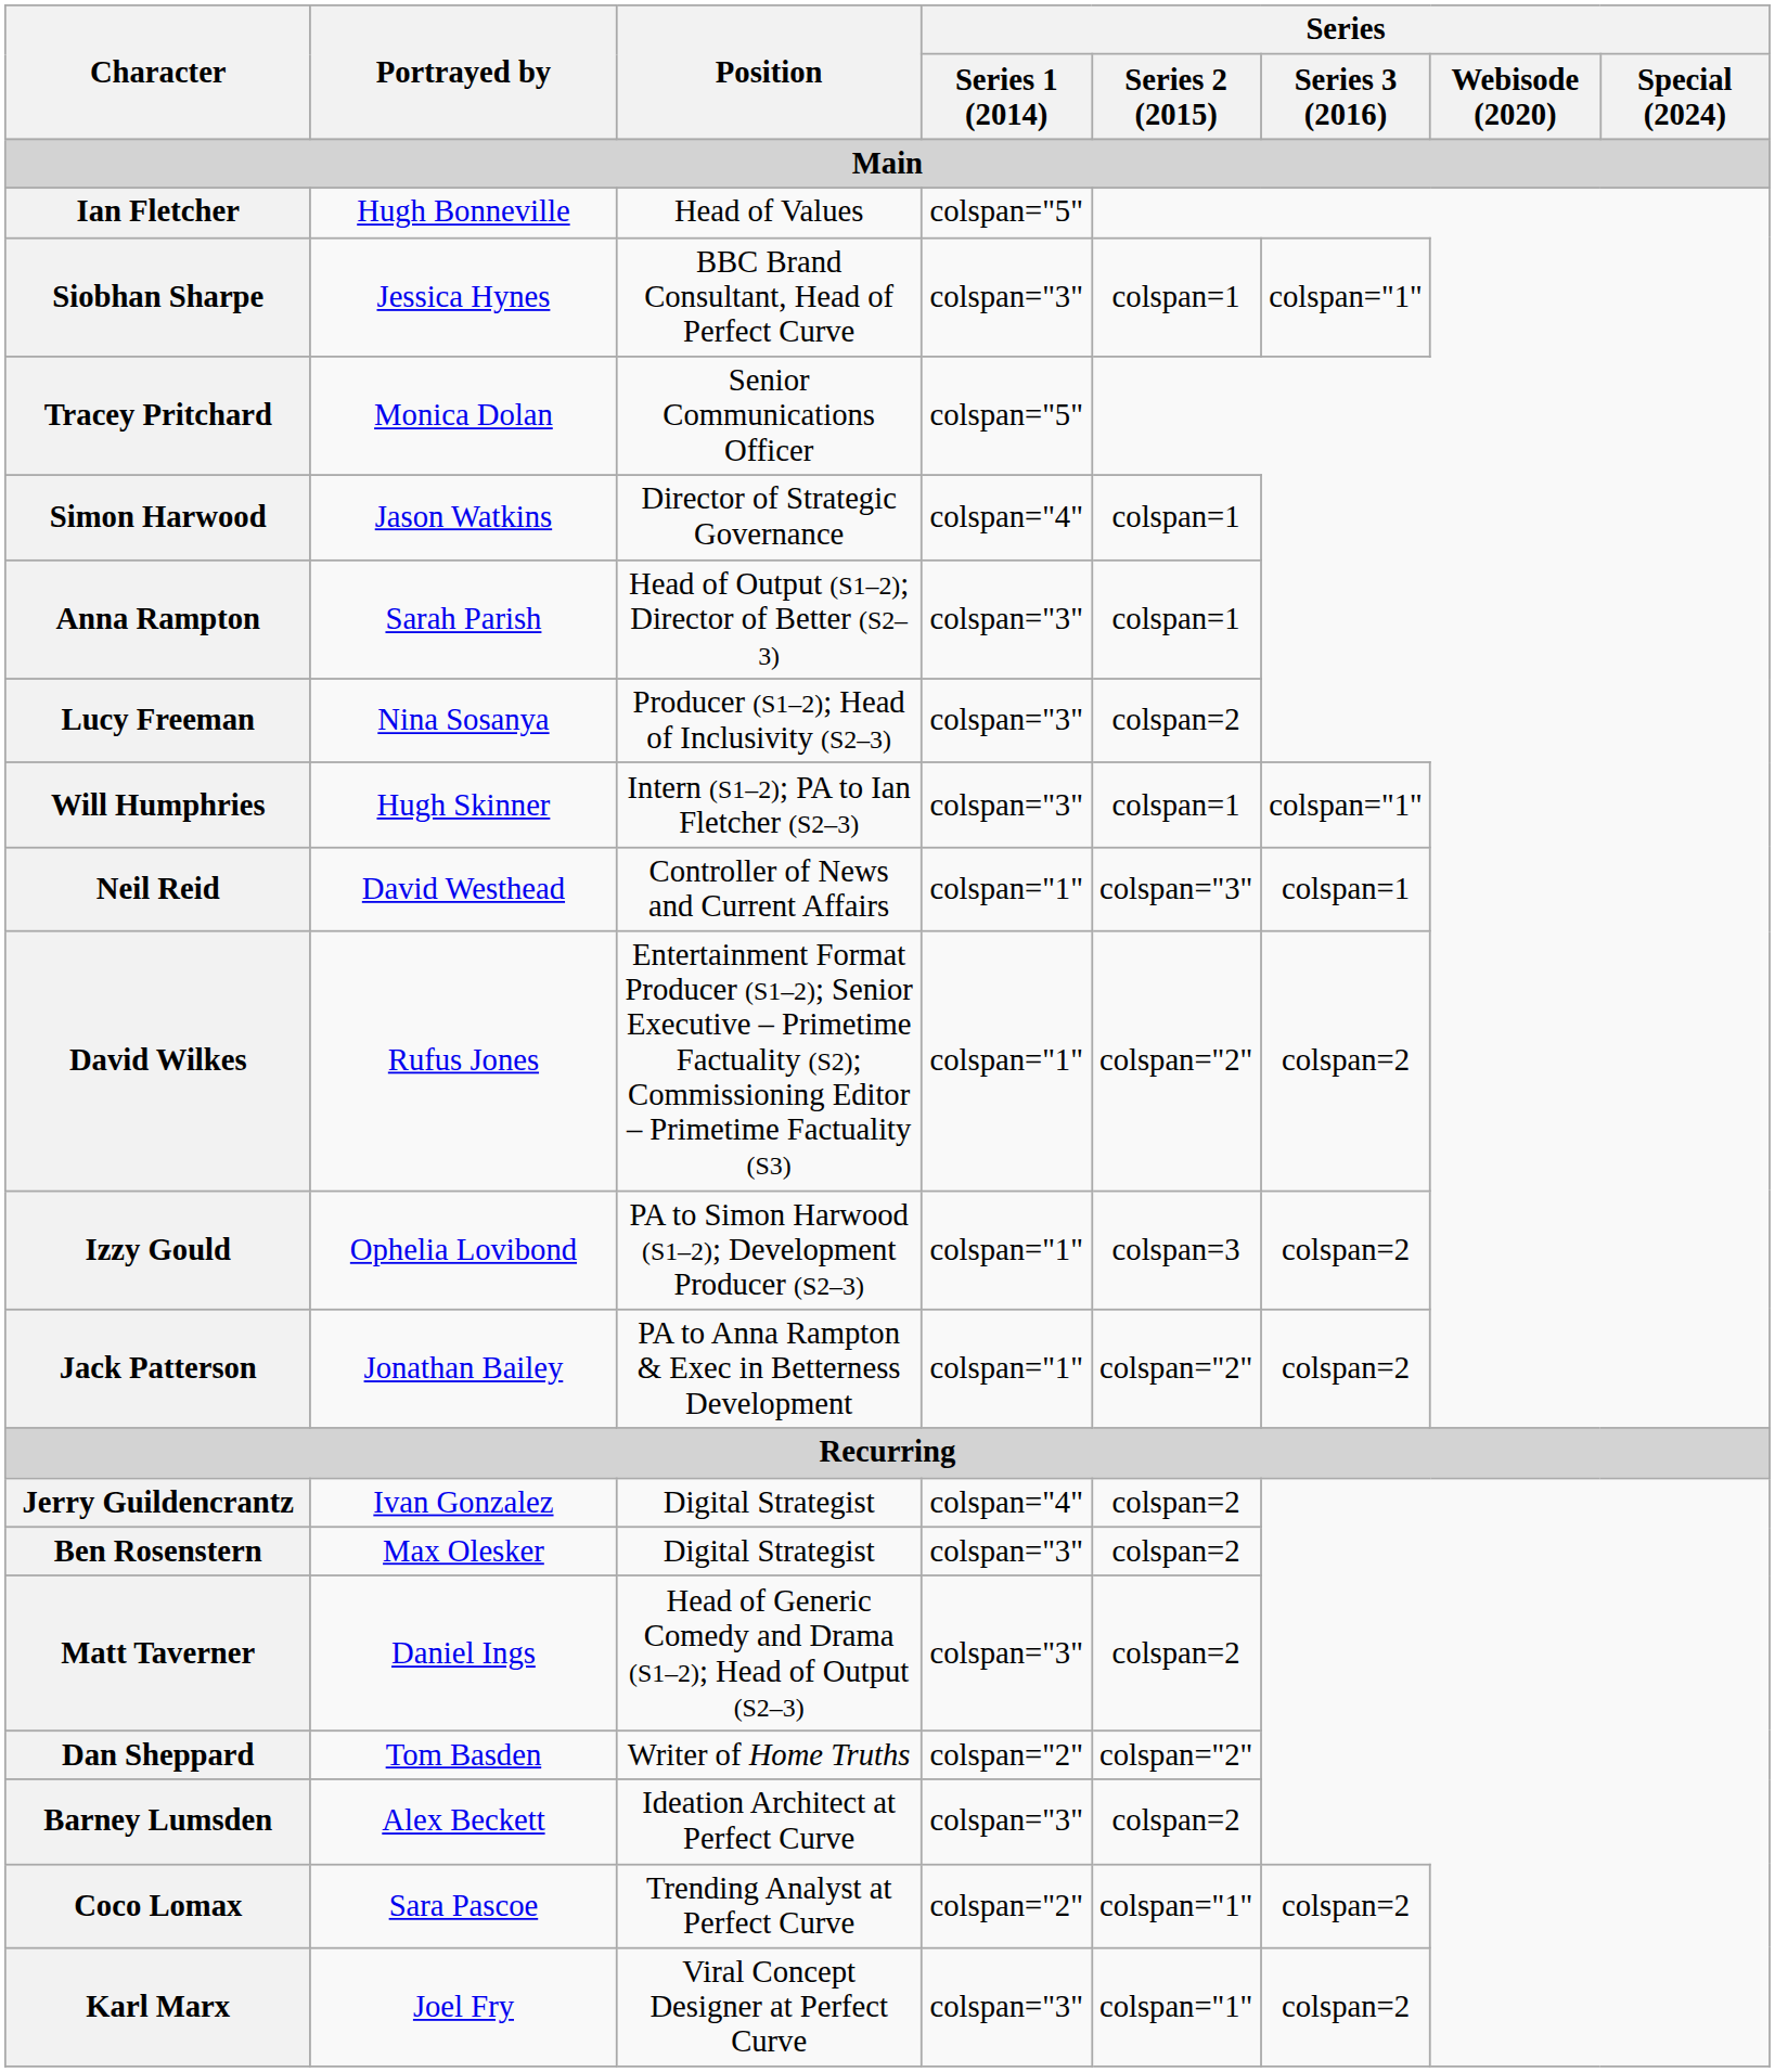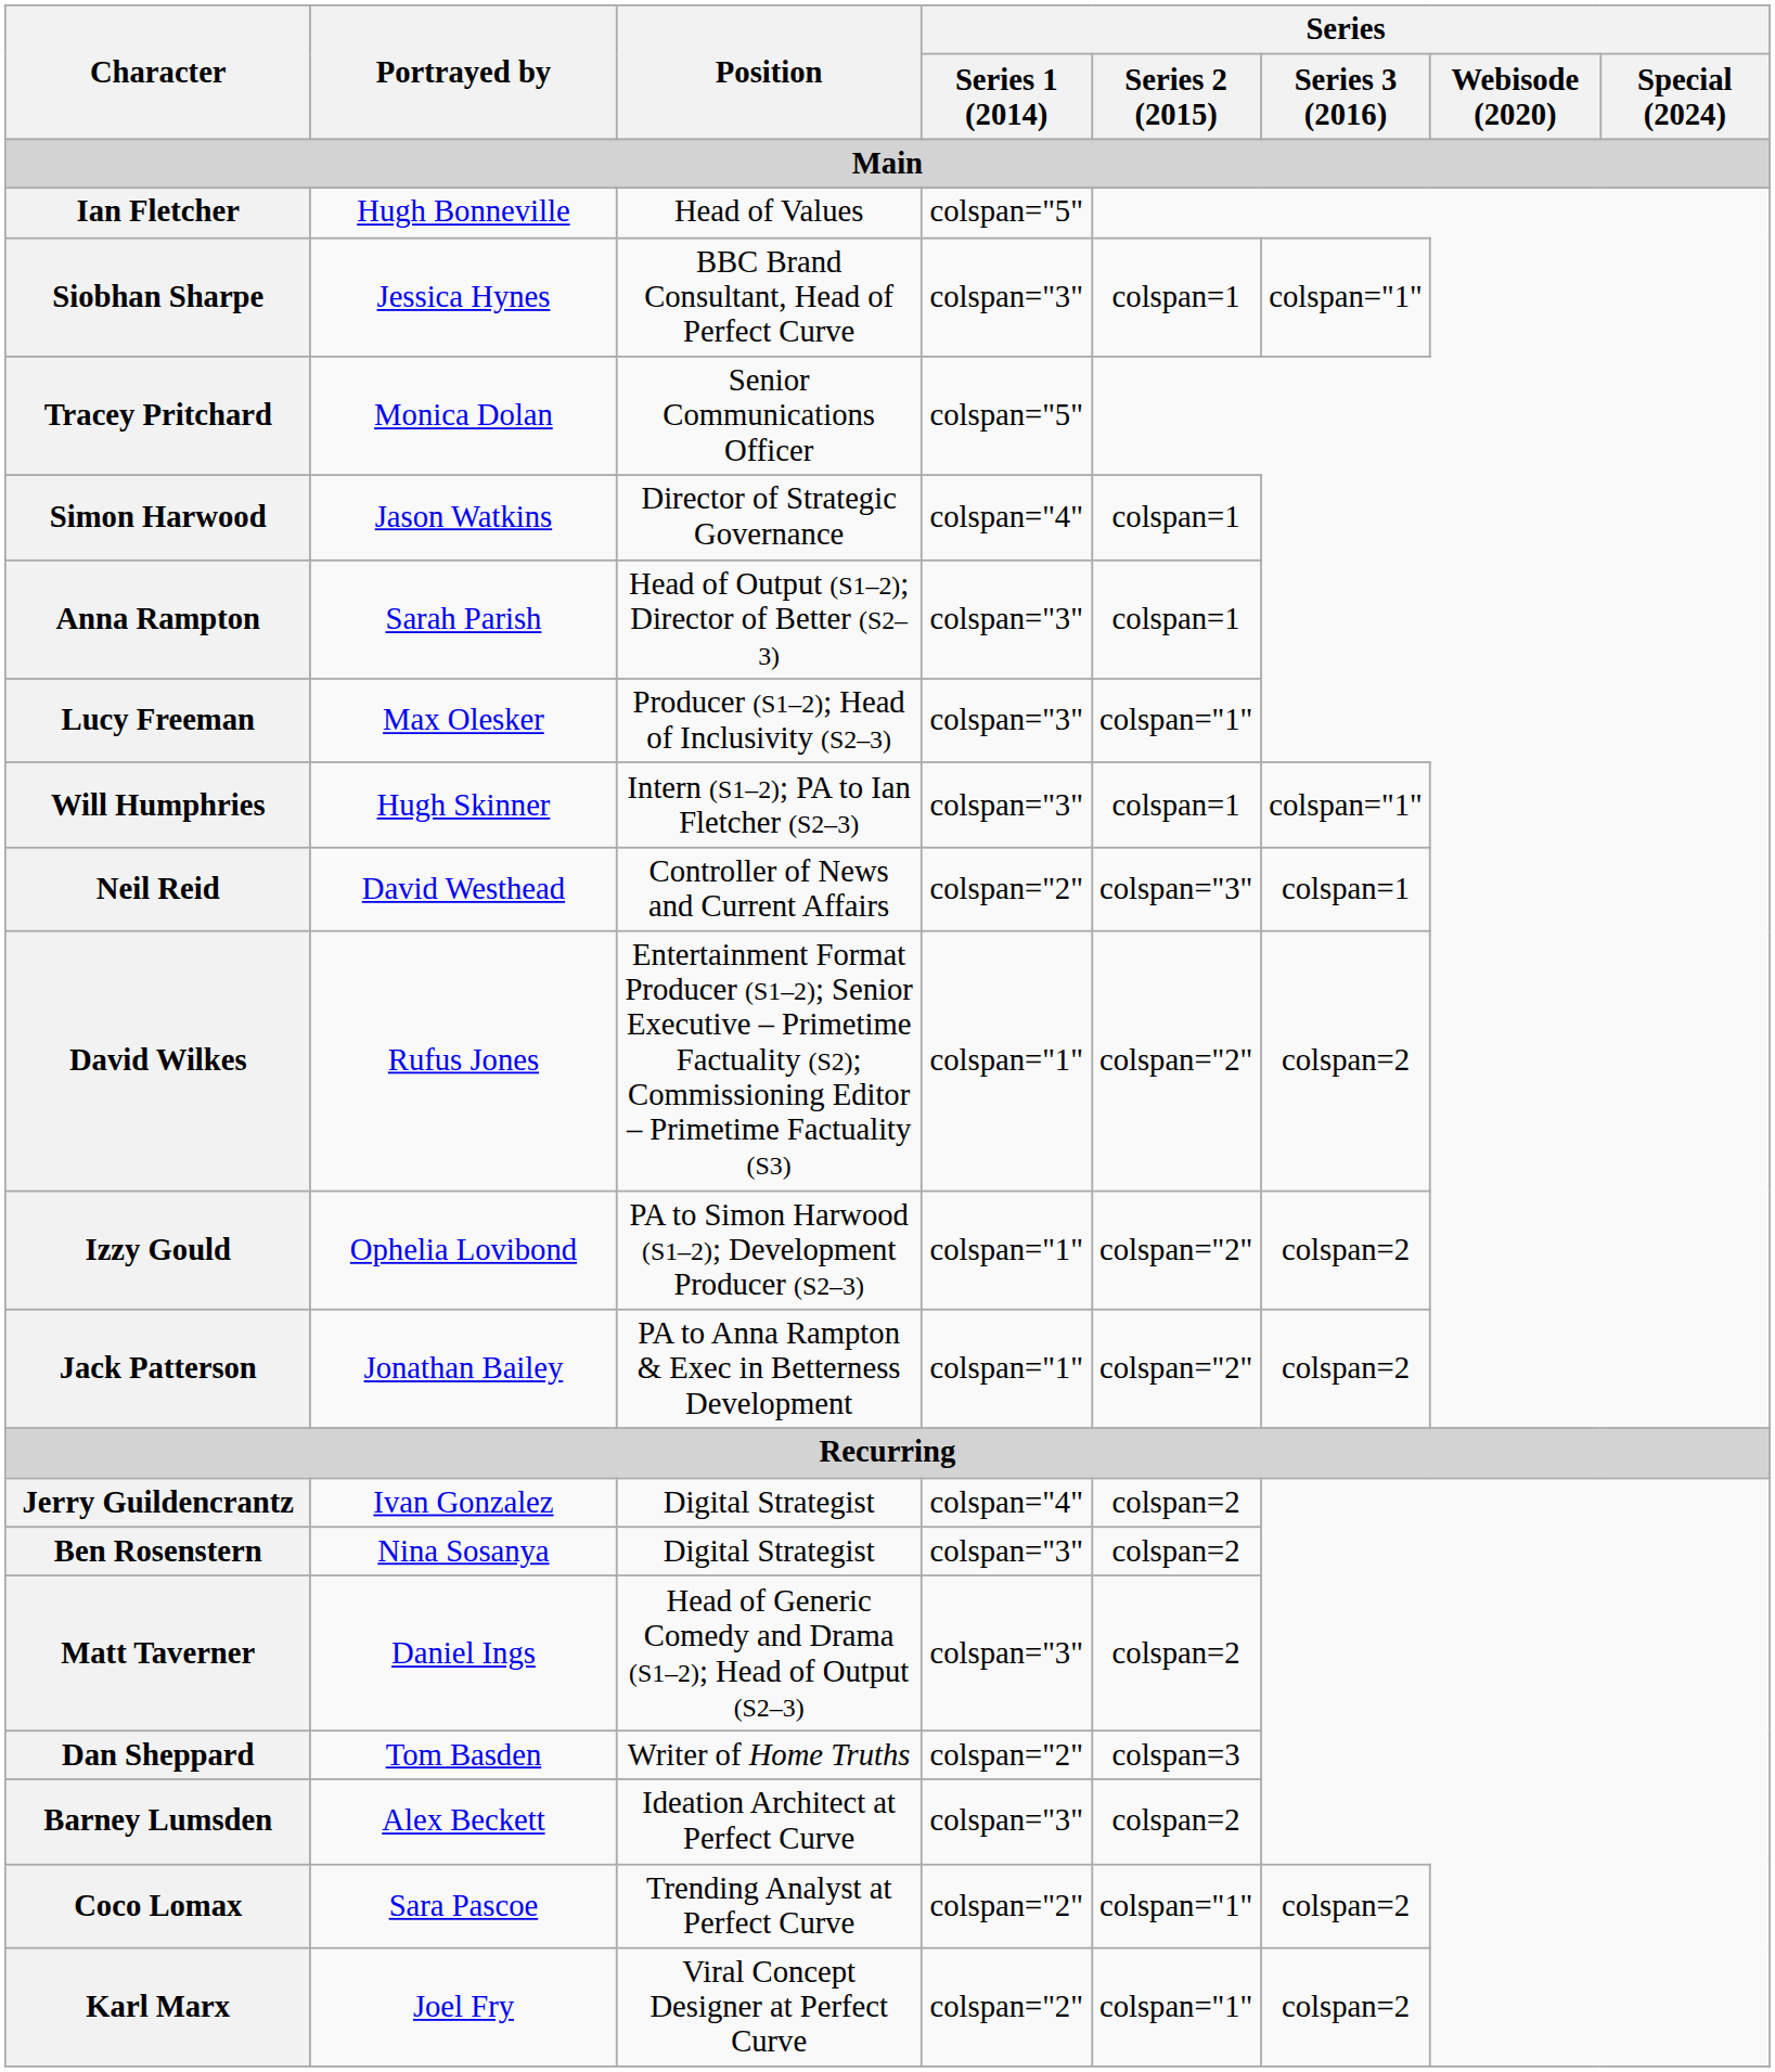 <table class="wikitable" style="text-align:center;">
 <tr>
 <th rowspan="2" style="width:150px;">Character</th>
 <th style="width:150px;" rowspan="2">Portrayed by</th>
 <th style="width:150px;" rowspan="2">Position</th>
 <th colspan="5">Series</th>
 </tr>
 <tr>
 <th style="width:80px;">Series 1<br>(2014)</th>
 <th style="width:80px;">Series 2<br>(2015)</th>
 <th style="width:80px;">Series 3<br>(2016)</th>
 <th style="width:80px;">Webisode<br>(2020)</th>
 <th style="width:80px;">Special<br>(2024)</th>
 </tr>
 <tr>
 <th colspan="8" style="background:lightgrey;"><strong>Main</strong></th>
 </tr>
 <tr>
 <th>Ian Fletcher</th>
 <td><a href='#'>Hugh Bonneville</a></td>
 <td>Head of Values</td>
 <td>colspan="5" </td>
 </tr>
 <tr>
 <th>Siobhan Sharpe</th>
 <td><a href='#'>Jessica Hynes</a></td>
 <td>BBC Brand Consultant, Head of Perfect Curve</td>
 <td>colspan="3" </td>
 <td>colspan=1 </td>
 <td>colspan="1" </td>
 </tr>
 <tr>
 <th>Tracey Pritchard</th>
 <td><a href='#'>Monica Dolan</a></td>
 <td>Senior Communications Officer</td>
 <td>colspan="5" </td>
 </tr>
 <tr>
 <th>Simon Harwood</th>
 <td><a href='#'>Jason Watkins</a></td>
 <td>Director of Strategic Governance</td>
 <td>colspan="4" </td>
 <td>colspan=1 </td>
 </tr>
 <tr>
 <th>Anna Rampton</th>
 <td><a href='#'>Sarah Parish</a></td>
 <td>Head of Output <small>(S1–2)</small>; Director of Better <small>(S2–3)</small></td>
 <td>colspan="3" </td>
 <td>colspan=1 </td>
 </tr>
 <tr>
 <th>Lucy Freeman</th>
-<td><a href='#'>Nina Sosanya</a></td>
+<td><a href='#'>Max Olesker</a></td>
 <td>Producer <small>(S1–2)</small>; Head of Inclusivity <small>(S2–3)</small></td>
 <td>colspan="3" </td>
-<td>colspan=2 </td>
+<td>colspan="1" </td>
 </tr>
 <tr>
 <th>Will Humphries</th>
 <td><a href='#'>Hugh Skinner</a></td>
 <td>Intern <small>(S1–2)</small>; PA to Ian Fletcher <small>(S2–3)</small></td>
 <td>colspan="3" </td>
 <td>colspan=1 </td>
 <td>colspan="1" </td>
 </tr>
 <tr>
 <th>Neil Reid</th>
 <td><a href='#'>David Westhead</a></td>
 <td>Controller of News and Current Affairs</td>
-<td>colspan="1" </td>
+<td>colspan="2" </td>
 <td>colspan="3" </td>
 <td>colspan=1 </td>
 </tr>
 <tr>
 <th>David Wilkes</th>
 <td><a href='#'>Rufus Jones</a></td>
 <td>Entertainment Format Producer <small>(S1–2)</small>; Senior Executive – Primetime Factuality <small>(S2)</small>; Commissioning Editor – Primetime Factuality <small>(S3)</small></td>
 <td>colspan="1" </td>
 <td>colspan="2" </td>
 <td>colspan=2 </td>
 </tr>
 <tr>
 <th>Izzy Gould</th>
 <td><a href='#'>Ophelia Lovibond</a></td>
 <td>PA to Simon Harwood <small>(S1–2)</small>; Development Producer <small>(S2–3)</small></td>
 <td>colspan="1" </td>
-<td>colspan=3 </td>
+<td>colspan="2" </td>
 <td>colspan=2 </td>
 </tr>
 <tr>
 <th>Jack Patterson</th>
 <td><a href='#'>Jonathan Bailey</a></td>
 <td>PA to Anna Rampton & Exec in Betterness Development</td>
 <td>colspan="1" </td>
 <td>colspan="2" </td>
 <td>colspan=2 </td>
 </tr>
 <tr>
 <th colspan="8" style="background:lightgrey;"><strong>Recurring</strong></th>
 </tr>
 <tr>
 <th>Jerry Guildencrantz</th>
 <td><a href='#'>Ivan Gonzalez</a></td>
 <td>Digital Strategist</td>
 <td>colspan="4" </td>
 <td>colspan=2 </td>
 </tr>
 <tr>
 <th>Ben Rosenstern</th>
-<td><a href='#'>Max Olesker</a></td>
+<td><a href='#'>Nina Sosanya</a></td>
 <td>Digital Strategist</td>
 <td>colspan="3" </td>
 <td>colspan=2 </td>
 </tr>
 <tr>
 <th>Matt Taverner</th>
 <td><a href='#'>Daniel Ings</a></td>
 <td>Head of Generic Comedy and Drama <small>(S1–2)</small>; Head of Output <small>(S2–3)</small></td>
 <td>colspan="3" </td>
 <td>colspan=2 </td>
 </tr>
 <tr>
 <th>Dan Sheppard</th>
 <td><a href='#'>Tom Basden</a></td>
 <td>Writer of <em>Home Truths</em></td>
 <td>colspan="2" </td>
-<td>colspan="2" </td>
+<td>colspan=3 </td>
 </tr>
 <tr>
 <th>Barney Lumsden</th>
 <td><a href='#'>Alex Beckett</a></td>
 <td>Ideation Architect at Perfect Curve</td>
 <td>colspan="3" </td>
 <td>colspan=2 </td>
 </tr>
 <tr>
 <th>Coco Lomax</th>
 <td><a href='#'>Sara Pascoe</a></td>
 <td>Trending Analyst at Perfect Curve</td>
 <td>colspan="2" </td>
 <td>colspan="1" </td>
 <td>colspan=2 </td>
 </tr>
 <tr>
 <th>Karl Marx</th>
 <td><a href='#'>Joel Fry</a></td>
 <td>Viral Concept Designer at Perfect Curve</td>
-<td>colspan="3" </td>
+<td>colspan="2" </td>
 <td>colspan="1" </td>
 <td>colspan=2 </td>
 </tr>
 </table>
